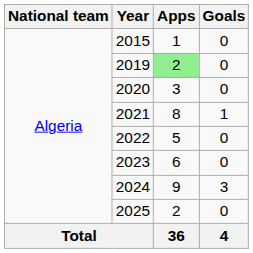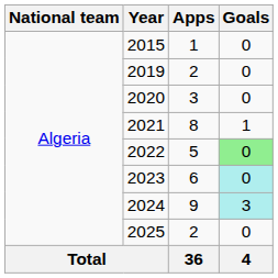 <table class="wikitable" style="text-align:center">
 <tr>
 <th>National team</th>
 <th>Year</th>
 <th>Apps</th>
 <th>Goals</th>
 </tr>
 <tr>
 <td rowspan="8"><a href='#'>Algeria</a></td>
 <td>2015</td>
 <td>1</td>
 <td>0</td>
 </tr>
 <tr>
 <td>2019</td>
-<td style="background: lightgreen;">2</td>
+<td>2</td>
 <td>0</td>
 </tr>
 <tr>
 <td>2020</td>
 <td>3</td>
 <td>0</td>
 </tr>
 <tr>
 <td>2021</td>
 <td>8</td>
 <td>1</td>
 </tr>
 <tr>
 <td>2022</td>
 <td>5</td>
-<td>0</td>
+<td style="background: lightgreen;">0</td>
 </tr>
 <tr>
 <td>2023</td>
 <td>6</td>
-<td>0</td>
+<td style="background: paleturquoise;">0</td>
 </tr>
 <tr>
 <td>2024</td>
 <td>9</td>
-<td>3</td>
+<td style="background: paleturquoise;">3</td>
 </tr>
 <tr>
 <td>2025</td>
 <td>2</td>
 <td>0</td>
 </tr>
 <tr>
 <th colspan="2">Total</th>
 <th>36</th>
 <th>4</th>
 </tr>
 </table>
